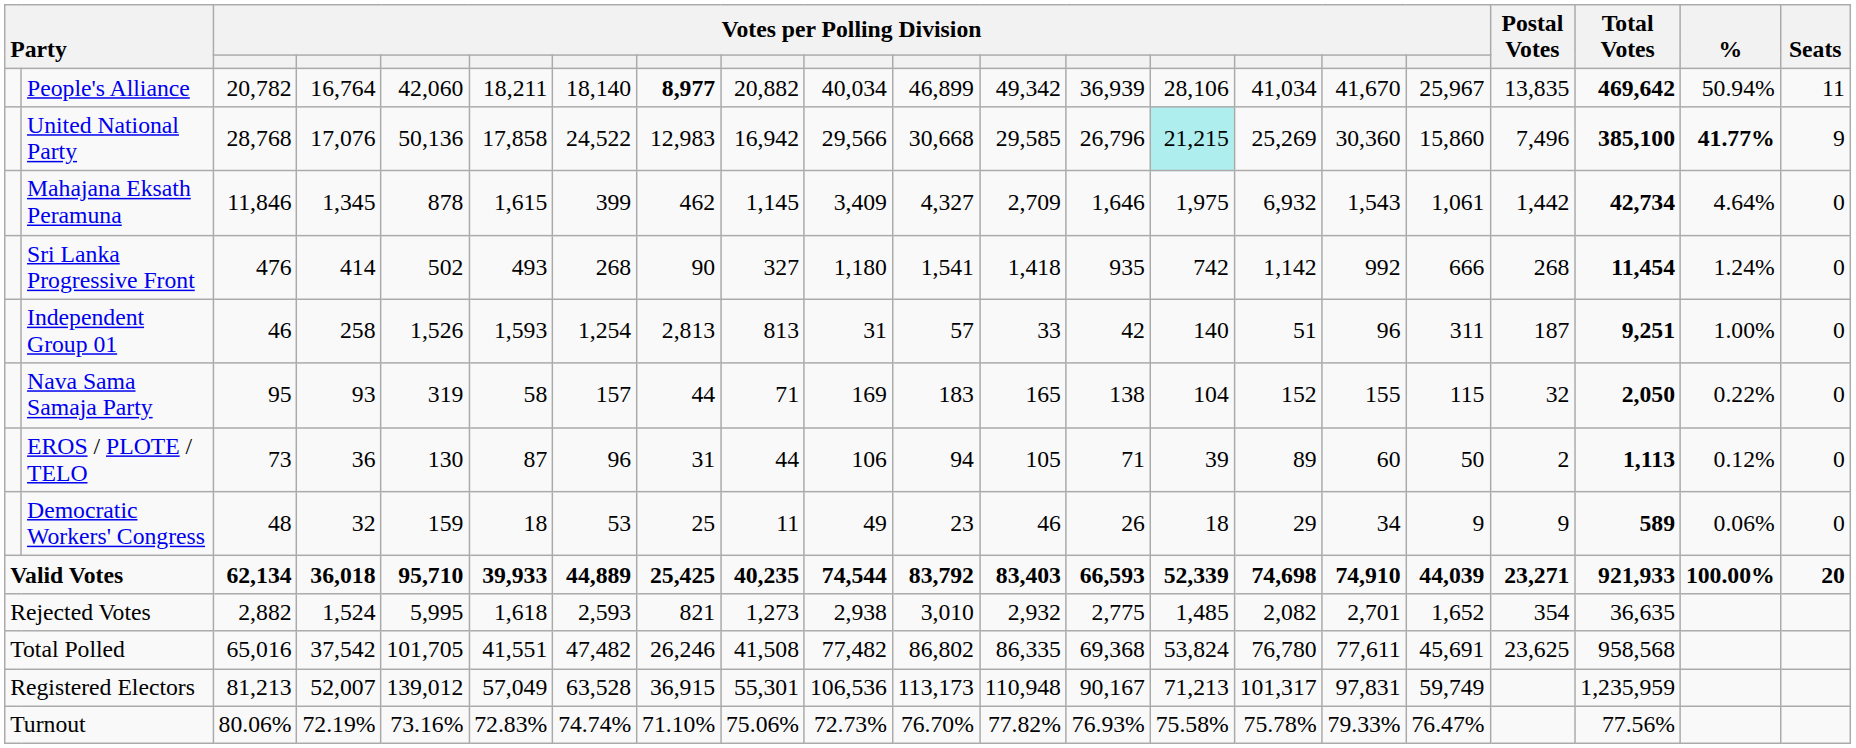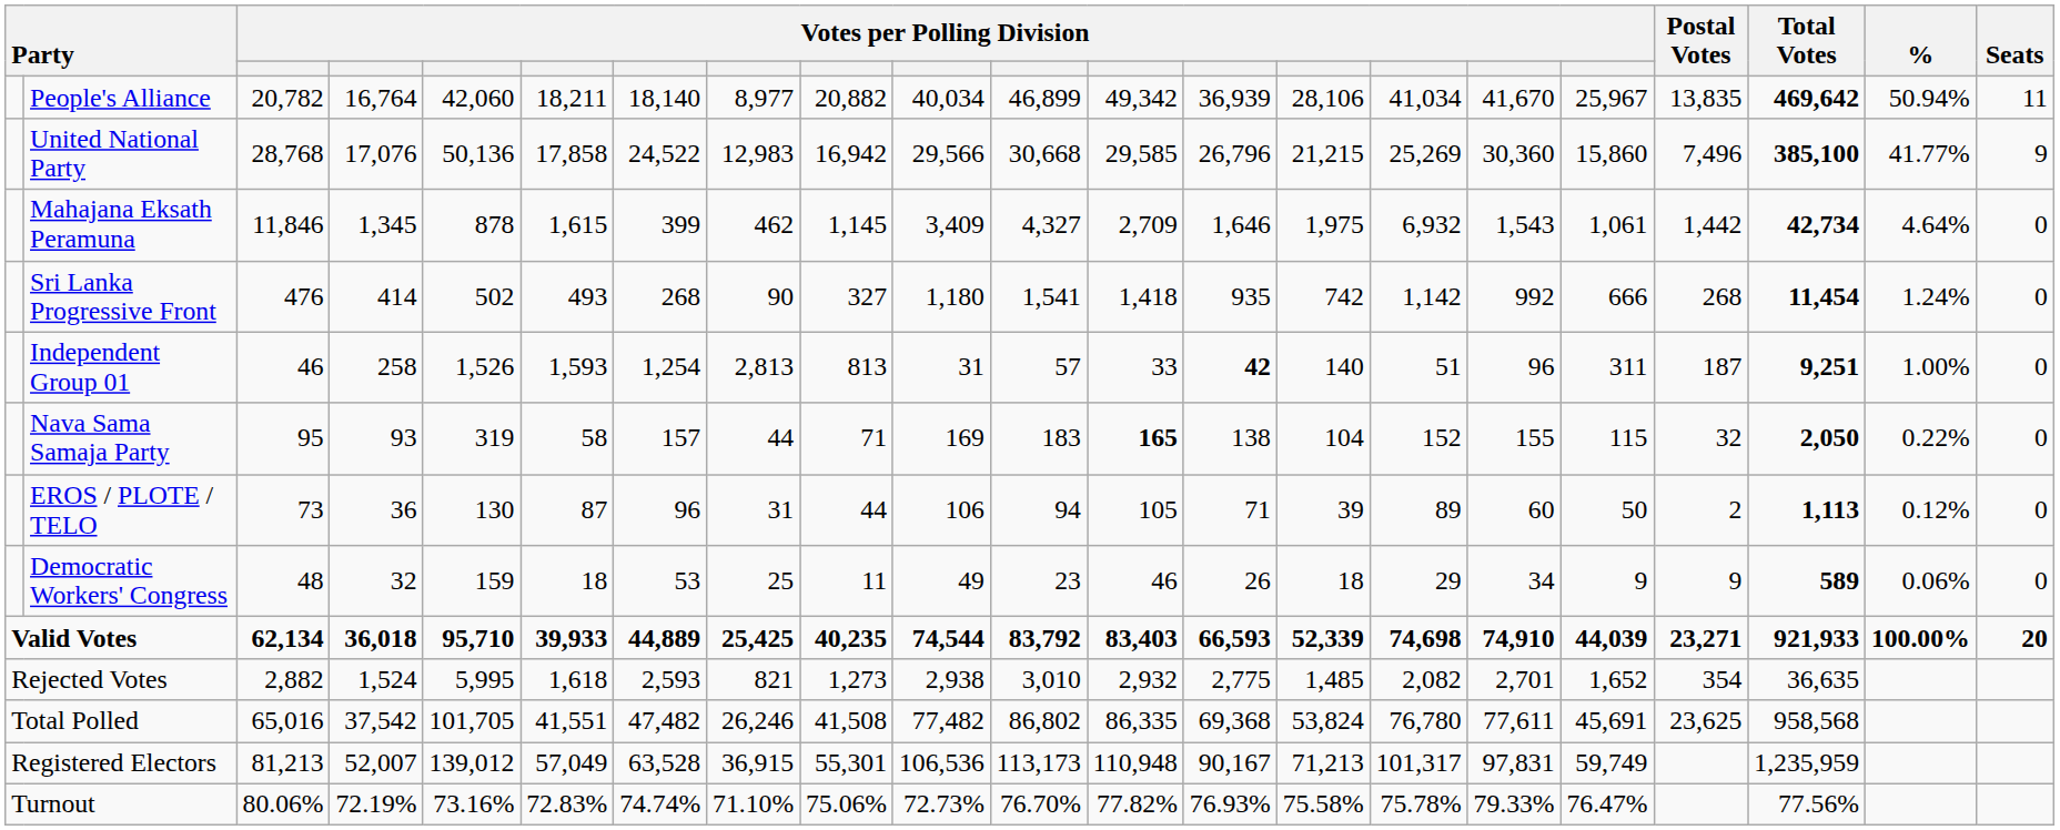 <table class="wikitable" style="text-align:right;">
 <tr>
 <th style="text-align:left; vertical-align:bottom;" rowspan="2" colspan="2">Party</th>
 <th colspan=15>Votes per Polling Division</th>
 <th rowspan="2" style="vertical-align:bottom; text-align:center; width:50px;">Postal<br>Votes</th>
 <th rowspan="2" style="vertical-align:bottom; text-align:center; width:50px;">Total Votes</th>
 <th rowspan="2" style="vertical-align:bottom; text-align:center; width:50px;">%</th>
 <th rowspan="2" style="vertical-align:bottom; text-align:center; width:40px;">Seats</th>
 </tr>
 <tr>
 <th></th>
 <th></th>
 <th></th>
 <th></th>
 <th></th>
 <th></th>
 <th></th>
 <th></th>
 <th></th>
 <th></th>
 <th></th>
 <th></th>
 <th></th>
 <th></th>
 <th></th>
 </tr>
 <tr>
 <td bgcolor=> </td>
 <td align=left><a href='#'>People's Alliance</a></td>
 <td>20,782</td>
 <td>16,764</td>
 <td>42,060</td>
 <td>18,211</td>
 <td>18,140</td>
-<td><strong>8,977</strong></td>
+<td>8,977</td>
 <td>20,882</td>
 <td>40,034</td>
 <td>46,899</td>
 <td>49,342</td>
 <td>36,939</td>
 <td>28,106</td>
 <td>41,034</td>
 <td>41,670</td>
 <td>25,967</td>
 <td>13,835</td>
 <td><strong>469,642</strong></td>
 <td>50.94%</td>
 <td>11</td>
 </tr>
 <tr>
 <td bgcolor=> </td>
 <td align=left><a href='#'>United National Party</a></td>
 <td>28,768</td>
 <td>17,076</td>
 <td>50,136</td>
 <td>17,858</td>
 <td>24,522</td>
 <td>12,983</td>
 <td>16,942</td>
 <td>29,566</td>
 <td>30,668</td>
 <td>29,585</td>
 <td>26,796</td>
-<td style="background: paleturquoise;">21,215</td>
+<td>21,215</td>
 <td>25,269</td>
 <td>30,360</td>
 <td>15,860</td>
 <td>7,496</td>
 <td><strong>385,100</strong></td>
-<td><strong>41.77%</strong></td>
+<td>41.77%</td>
 <td>9</td>
 </tr>
 <tr>
 <td bgcolor=> </td>
 <td align=left><a href='#'>Mahajana Eksath Peramuna</a></td>
 <td>11,846</td>
 <td>1,345</td>
 <td>878</td>
 <td>1,615</td>
 <td>399</td>
 <td>462</td>
 <td>1,145</td>
 <td>3,409</td>
 <td>4,327</td>
 <td>2,709</td>
 <td>1,646</td>
 <td>1,975</td>
 <td>6,932</td>
 <td>1,543</td>
 <td>1,061</td>
 <td>1,442</td>
 <td><strong>42,734</strong></td>
 <td>4.64%</td>
 <td>0</td>
 </tr>
 <tr>
 <td bgcolor=> </td>
 <td align=left><a href='#'>Sri Lanka Progressive Front</a></td>
 <td>476</td>
 <td>414</td>
 <td>502</td>
 <td>493</td>
 <td>268</td>
 <td>90</td>
 <td>327</td>
 <td>1,180</td>
 <td>1,541</td>
 <td>1,418</td>
 <td>935</td>
 <td>742</td>
 <td>1,142</td>
 <td>992</td>
 <td>666</td>
 <td>268</td>
 <td><strong>11,454</strong></td>
 <td>1.24%</td>
 <td>0</td>
 </tr>
 <tr>
 <td bgcolor=> </td>
 <td align=left><a href='#'>Independent Group 01</a></td>
 <td>46</td>
 <td>258</td>
 <td>1,526</td>
 <td>1,593</td>
 <td>1,254</td>
 <td>2,813</td>
 <td>813</td>
 <td>31</td>
 <td>57</td>
 <td>33</td>
-<td>42</td>
+<td><strong>42</strong></td>
 <td>140</td>
 <td>51</td>
 <td>96</td>
 <td>311</td>
 <td>187</td>
 <td><strong>9,251</strong></td>
 <td>1.00%</td>
 <td>0</td>
 </tr>
 <tr>
 <td bgcolor=> </td>
 <td align=left><a href='#'>Nava Sama Samaja Party</a></td>
 <td>95</td>
 <td>93</td>
 <td>319</td>
 <td>58</td>
 <td>157</td>
 <td>44</td>
 <td>71</td>
 <td>169</td>
 <td>183</td>
-<td>165</td>
+<td><strong>165</strong></td>
 <td>138</td>
 <td>104</td>
 <td>152</td>
 <td>155</td>
 <td>115</td>
 <td>32</td>
 <td><strong>2,050</strong></td>
 <td>0.22%</td>
 <td>0</td>
 </tr>
 <tr>
 <td bgcolor=> </td>
 <td align=left><a href='#'>EROS</a> / <a href='#'>PLOTE</a> / <a href='#'>TELO</a></td>
 <td>73</td>
 <td>36</td>
 <td>130</td>
 <td>87</td>
 <td>96</td>
 <td>31</td>
 <td>44</td>
 <td>106</td>
 <td>94</td>
 <td>105</td>
 <td>71</td>
 <td>39</td>
 <td>89</td>
 <td>60</td>
 <td>50</td>
 <td>2</td>
 <td><strong>1,113</strong></td>
 <td>0.12%</td>
 <td>0</td>
 </tr>
 <tr>
 <td bgcolor=> </td>
 <td align=left><a href='#'>Democratic Workers' Congress</a></td>
 <td>48</td>
 <td>32</td>
 <td>159</td>
 <td>18</td>
 <td>53</td>
 <td>25</td>
 <td>11</td>
 <td>49</td>
 <td>23</td>
 <td>46</td>
 <td>26</td>
 <td>18</td>
 <td>29</td>
 <td>34</td>
 <td>9</td>
 <td>9</td>
 <td><strong>589</strong></td>
 <td>0.06%</td>
 <td>0</td>
 </tr>
 <tr style="font-weight:bold">
 <td style="text-align:left;" colspan="2">Valid Votes</td>
 <td>62,134</td>
 <td>36,018</td>
 <td>95,710</td>
 <td>39,933</td>
 <td>44,889</td>
 <td>25,425</td>
 <td>40,235</td>
 <td>74,544</td>
 <td>83,792</td>
 <td>83,403</td>
 <td>66,593</td>
 <td>52,339</td>
 <td>74,698</td>
 <td>74,910</td>
 <td>44,039</td>
 <td>23,271</td>
 <td>921,933</td>
 <td>100.00%</td>
 <td>20</td>
 </tr>
 <tr>
 <td style="text-align:left;" colspan="2">Rejected Votes</td>
 <td>2,882</td>
 <td>1,524</td>
 <td>5,995</td>
 <td>1,618</td>
 <td>2,593</td>
 <td>821</td>
 <td>1,273</td>
 <td>2,938</td>
 <td>3,010</td>
 <td>2,932</td>
 <td>2,775</td>
 <td>1,485</td>
 <td>2,082</td>
 <td>2,701</td>
 <td>1,652</td>
 <td>354</td>
 <td>36,635</td>
 <td></td>
 <td></td>
 </tr>
 <tr>
 <td style="text-align:left;" colspan="2">Total Polled</td>
 <td>65,016</td>
 <td>37,542</td>
 <td>101,705</td>
 <td>41,551</td>
 <td>47,482</td>
 <td>26,246</td>
 <td>41,508</td>
 <td>77,482</td>
 <td>86,802</td>
 <td>86,335</td>
 <td>69,368</td>
 <td>53,824</td>
 <td>76,780</td>
 <td>77,611</td>
 <td>45,691</td>
 <td>23,625</td>
 <td>958,568</td>
 <td></td>
 <td></td>
 </tr>
 <tr>
 <td style="text-align:left;" colspan="2">Registered Electors</td>
 <td>81,213</td>
 <td>52,007</td>
 <td>139,012</td>
 <td>57,049</td>
 <td>63,528</td>
 <td>36,915</td>
 <td>55,301</td>
 <td>106,536</td>
 <td>113,173</td>
 <td>110,948</td>
 <td>90,167</td>
 <td>71,213</td>
 <td>101,317</td>
 <td>97,831</td>
 <td>59,749</td>
 <td></td>
 <td>1,235,959</td>
 <td></td>
 <td></td>
 </tr>
 <tr>
 <td style="text-align:left;" colspan="2">Turnout</td>
 <td>80.06%</td>
 <td>72.19%</td>
 <td>73.16%</td>
 <td>72.83%</td>
 <td>74.74%</td>
 <td>71.10%</td>
 <td>75.06%</td>
 <td>72.73%</td>
 <td>76.70%</td>
 <td>77.82%</td>
 <td>76.93%</td>
 <td>75.58%</td>
 <td>75.78%</td>
 <td>79.33%</td>
 <td>76.47%</td>
 <td></td>
 <td>77.56%</td>
 <td></td>
 <td></td>
 </tr>
 </table>
